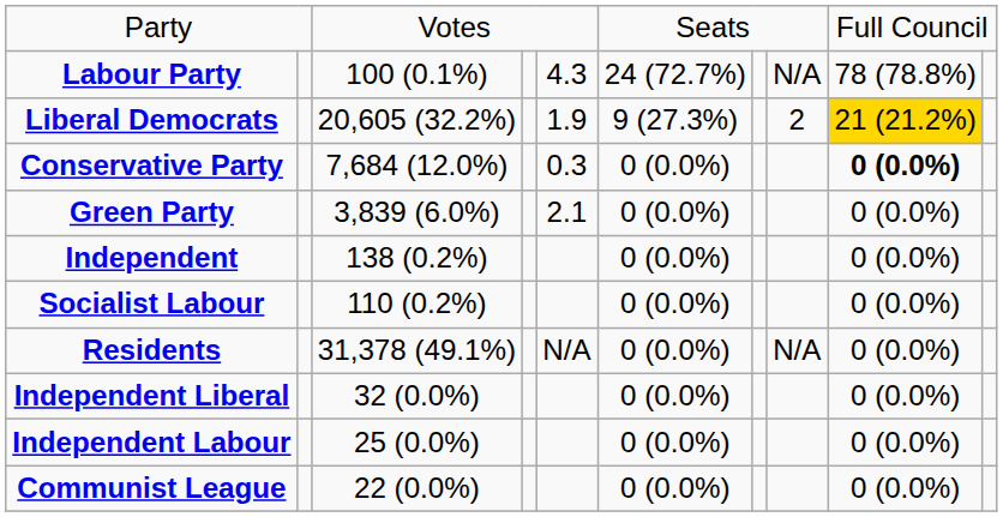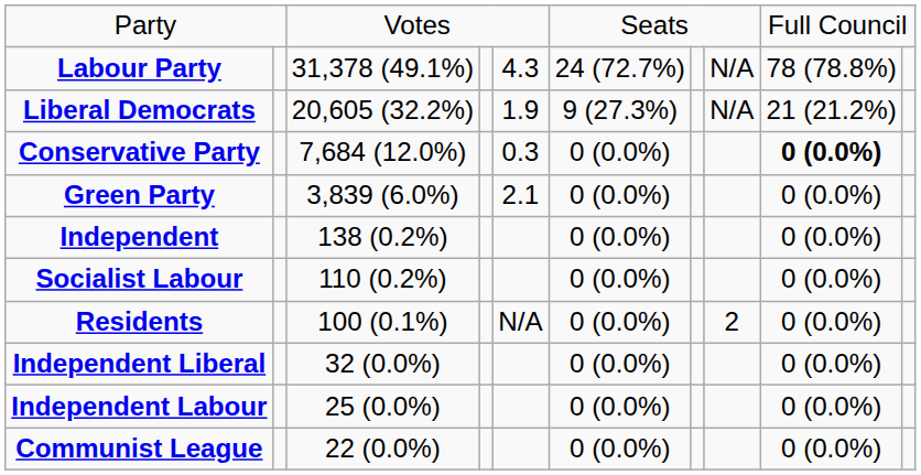 <table class=wikitable style="text-align:center;">
 <tr>
 <td colspan=2>Party</td>
 <td colspan=3>Votes</td>
 <td colspan=3>Seats</td>
 <td colspan=3>Full Council</td>
 </tr>
 <tr>
 <td><strong><a href='#'>Labour Party</a></strong></td>
 <td style="background:"></td>
-<td>100 (0.1%)</td>
+<td>31,378 (49.1%)</td>
 <td></td>
 <td> 4.3</td>
 <td>24 (72.7%)</td>
 <td></td>
 <td>N/A</td>
 <td>78 (78.8%)</td>
 <td></td>
 </tr>
 <tr>
 <td><strong><a href='#'>Liberal Democrats</a></strong></td>
 <td style="background:"></td>
 <td>20,605 (32.2%)</td>
 <td></td>
 <td> 1.9</td>
 <td>9 (27.3%)</td>
 <td></td>
-<td> 2</td>
-<td style="background: gold;">21 (21.2%)</td>
+<td>N/A</td>
+<td>21 (21.2%)</td>
 <td></td>
 </tr>
 <tr>
 <td><strong><a href='#'>Conservative Party</a></strong></td>
 <td style="background:"></td>
 <td>7,684 (12.0%)</td>
 <td></td>
 <td> 0.3</td>
 <td>0 (0.0%)</td>
 <td></td>
 <td></td>
 <td><strong>0 (0.0%)</strong></td>
 <td></td>
 </tr>
 <tr>
 <td><strong><a href='#'>Green Party</a></strong></td>
 <td style="background:"></td>
 <td>3,839 (6.0%)</td>
 <td></td>
 <td> 2.1</td>
 <td>0 (0.0%)</td>
 <td></td>
 <td></td>
 <td>0 (0.0%)</td>
 <td></td>
 </tr>
 <tr>
 <td><strong><a href='#'>Independent</a></strong></td>
 <td style="background:"></td>
 <td>138 (0.2%)</td>
 <td></td>
 <td></td>
 <td>0 (0.0%)</td>
 <td></td>
 <td></td>
 <td>0 (0.0%)</td>
 <td></td>
 </tr>
 <tr>
 <td><strong><a href='#'>Socialist Labour</a></strong></td>
 <td style="background:"></td>
 <td>110 (0.2%)</td>
 <td></td>
 <td></td>
 <td>0 (0.0%)</td>
 <td></td>
 <td></td>
 <td>0 (0.0%)</td>
 <td></td>
 </tr>
 <tr>
 <td><strong><a href='#'>Residents</a></strong></td>
 <td style="background:"></td>
-<td>31,378 (49.1%)</td>
+<td>100 (0.1%)</td>
 <td></td>
 <td>N/A</td>
 <td>0 (0.0%)</td>
 <td></td>
-<td>N/A</td>
+<td> 2</td>
 <td>0 (0.0%)</td>
 <td></td>
 </tr>
 <tr>
 <td><strong><a href='#'>Independent Liberal</a></strong></td>
 <td style="background:"></td>
 <td>32 (0.0%)</td>
 <td></td>
 <td></td>
 <td>0 (0.0%)</td>
 <td></td>
 <td></td>
 <td>0 (0.0%)</td>
 <td></td>
 </tr>
 <tr>
 <td><strong><a href='#'>Independent Labour</a></strong></td>
 <td style="background:"></td>
 <td>25 (0.0%)</td>
 <td></td>
 <td></td>
 <td>0 (0.0%)</td>
 <td></td>
 <td></td>
 <td>0 (0.0%)</td>
 <td></td>
 </tr>
 <tr>
 <td><strong><a href='#'>Communist League</a></strong></td>
 <td style="background:"></td>
 <td>22 (0.0%)</td>
 <td></td>
 <td></td>
 <td>0 (0.0%)</td>
 <td></td>
 <td></td>
 <td>0 (0.0%)</td>
 <td></td>
 </tr>
 </table>
